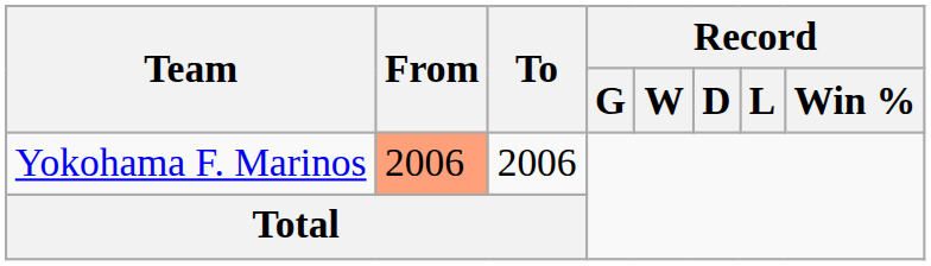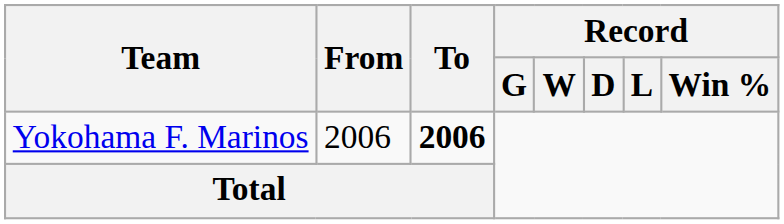 <table class="wikitable" style="text-align: center">
 <tr>
 <th rowspan="2">Team</th>
 <th rowspan="2">From</th>
 <th rowspan="2">To</th>
 <th colspan="5">Record</th>
 </tr>
 <tr>
 <th>G</th>
 <th>W</th>
 <th>D</th>
 <th>L</th>
 <th>Win %</th>
 </tr>
 <tr>
 <td align="left"><a href='#'>Yokohama F. Marinos</a></td>
-<td align="left" style="background: lightsalmon;">2006</td>
-<td align="left">2006<br></td>
+<td align="left">2006</td>
+<td align="left"><strong>2006<br></strong></td>
 </tr>
 <tr>
 <th colspan="3">Total<br></th>
 </tr>
 </table>
